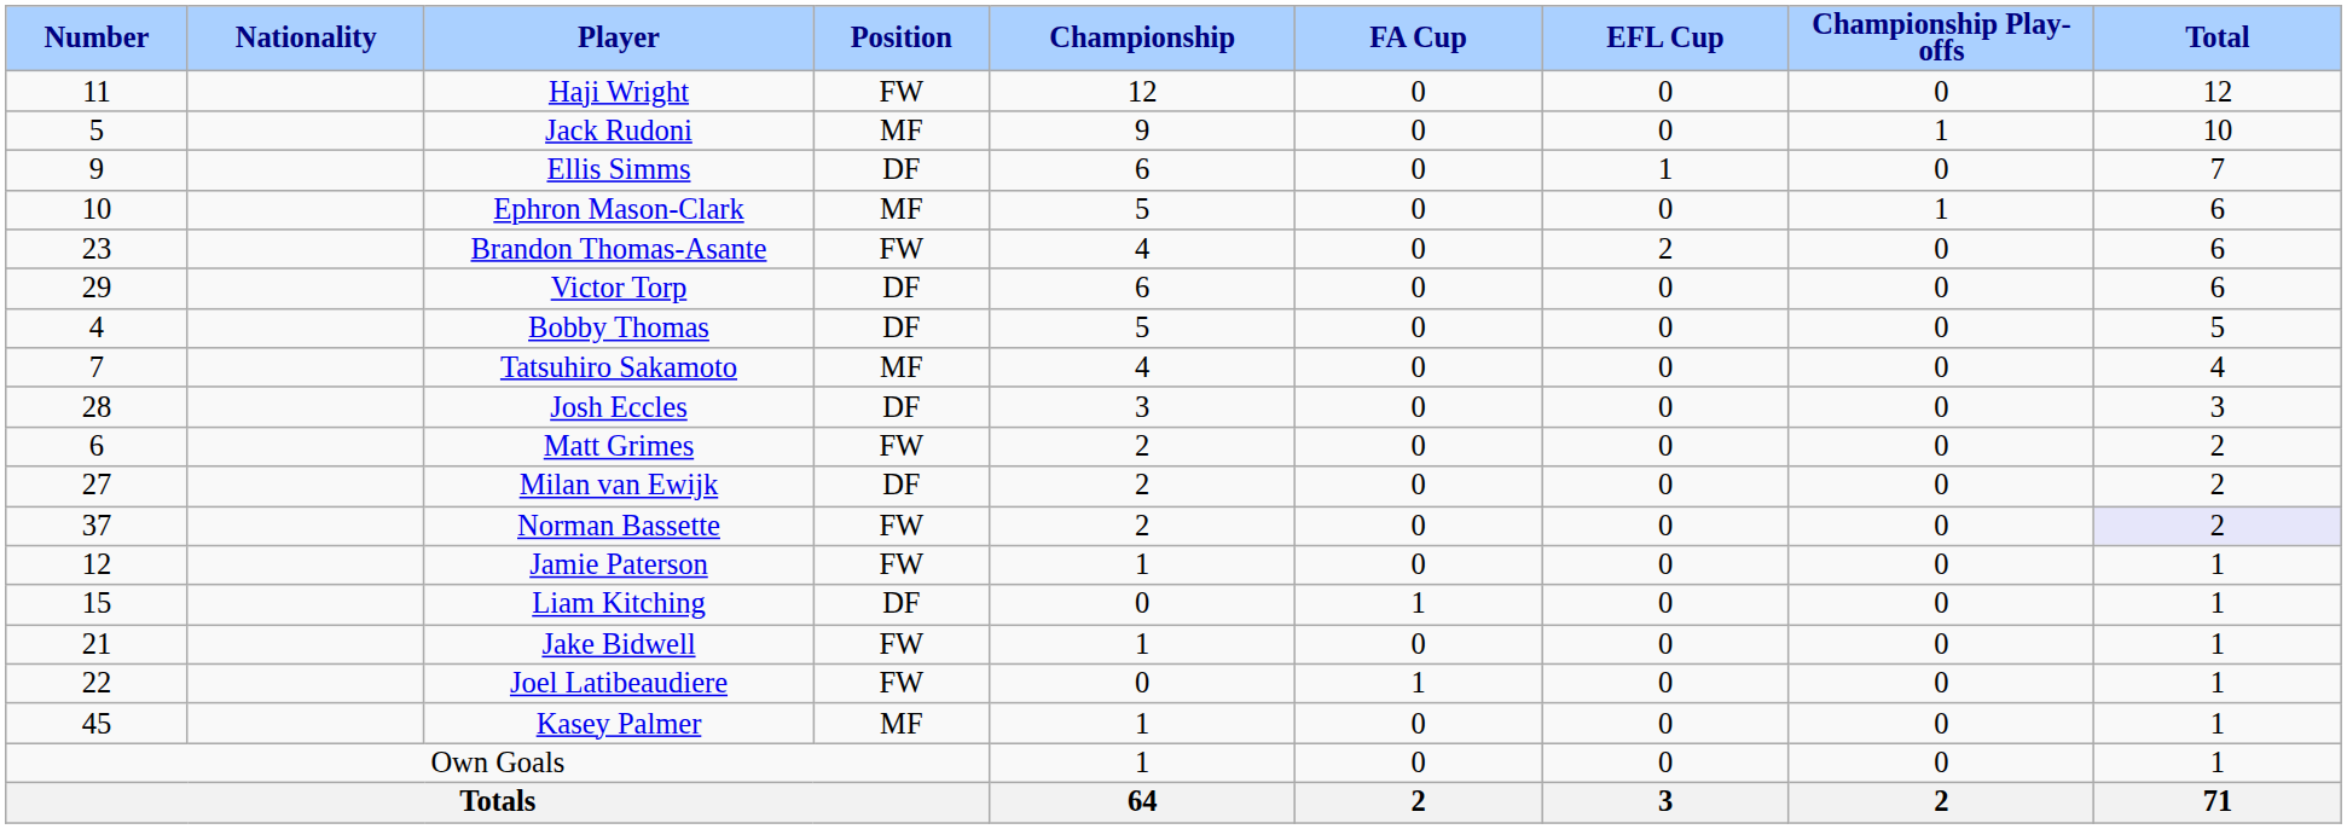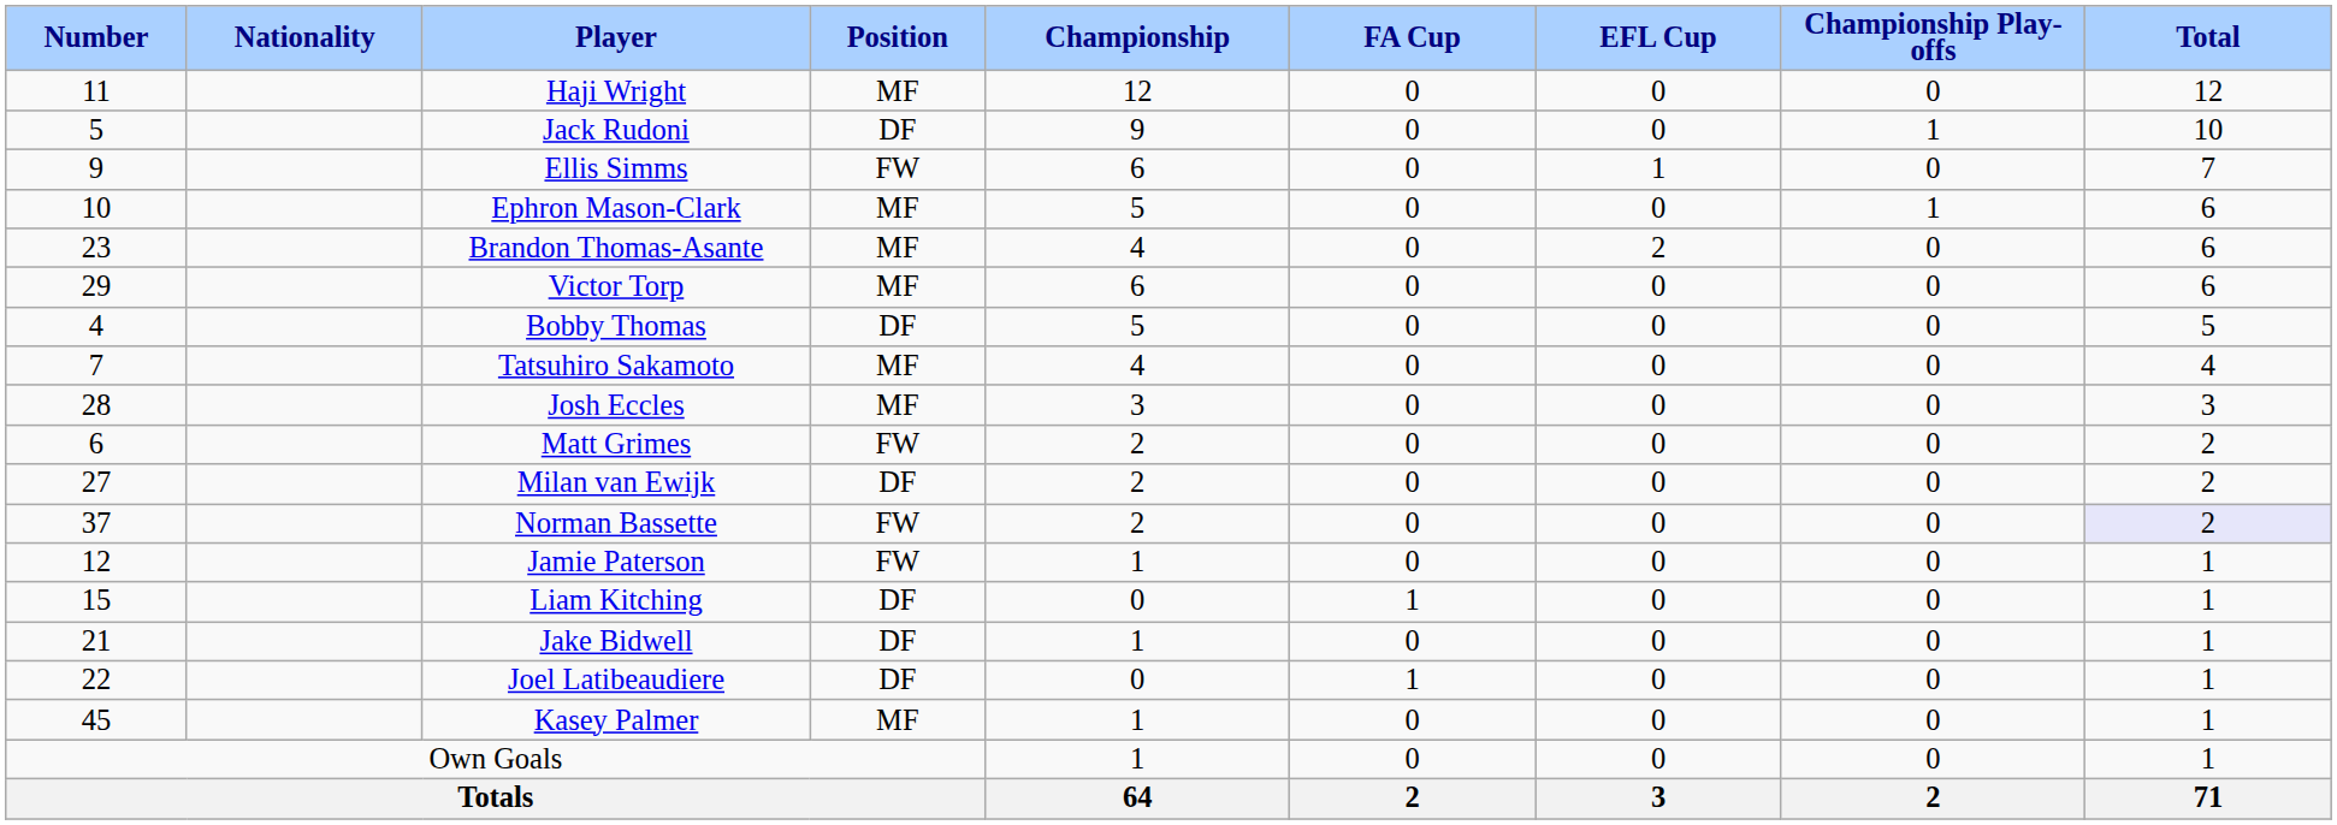 <table class="wikitable sortable alternance" style="font-size:100%; text-align:center; line-height:14px; width:100%;">
 <tr>
 <th style="background:#AAD0FF; color:#000080; width:50px;">Number</th>
 <th style="background:#AAD0FF; color:#000080; width:50px;">Nationality</th>
 <th style="background:#AAD0FF; color:#000080; width:130px;">Player</th>
 <th style="background:#AAD0FF; color:#000080; width:50px;">Position</th>
 <th style="background:#AAD0FF; color:#000080; width:80px;">Championship</th>
 <th style="background:#AAD0FF; color:#000080; width:80px;">FA Cup</th>
 <th style="background:#AAD0FF; color:#000080; width:80px;">EFL Cup</th>
 <th style="background:#AAD0FF; color:#000080; width:100px;">Championship Play-offs</th>
 <th style="background:#AAD0FF; color:#000080; width:80px;">Total</th>
 </tr>
 <tr>
 <td>11</td>
 <td></td>
 <td><a href='#'>Haji Wright</a></td>
-<td>FW</td>
+<td>MF</td>
 <td>12</td>
 <td>0</td>
 <td>0</td>
 <td>0</td>
 <td>12</td>
 </tr>
 <tr>
 <td>5</td>
 <td></td>
 <td><a href='#'>Jack Rudoni</a></td>
-<td>MF</td>
+<td>DF</td>
 <td>9</td>
 <td>0</td>
 <td>0</td>
 <td>1</td>
 <td>10</td>
 </tr>
 <tr>
 <td>9</td>
 <td></td>
 <td><a href='#'>Ellis Simms</a></td>
-<td>DF</td>
+<td>FW</td>
 <td>6</td>
 <td>0</td>
 <td>1</td>
 <td>0</td>
 <td>7</td>
 </tr>
 <tr>
 <td>10</td>
 <td></td>
 <td><a href='#'>Ephron Mason-Clark</a></td>
 <td>MF</td>
 <td>5</td>
 <td>0</td>
 <td>0</td>
 <td>1</td>
 <td>6</td>
 </tr>
 <tr>
 <td>23</td>
 <td></td>
 <td><a href='#'>Brandon Thomas-Asante</a></td>
-<td>FW</td>
+<td>MF</td>
 <td>4</td>
 <td>0</td>
 <td>2</td>
 <td>0</td>
 <td>6</td>
 </tr>
 <tr>
 <td>29</td>
 <td></td>
 <td><a href='#'>Victor Torp</a></td>
-<td>DF</td>
+<td>MF</td>
 <td>6</td>
 <td>0</td>
 <td>0</td>
 <td>0</td>
 <td>6</td>
 </tr>
 <tr>
 <td>4</td>
 <td></td>
 <td><a href='#'>Bobby Thomas</a></td>
 <td>DF</td>
 <td>5</td>
 <td>0</td>
 <td>0</td>
 <td>0</td>
 <td>5</td>
 </tr>
 <tr>
 <td>7</td>
 <td></td>
 <td><a href='#'>Tatsuhiro Sakamoto</a></td>
 <td>MF</td>
 <td>4</td>
 <td>0</td>
 <td>0</td>
 <td>0</td>
 <td>4</td>
 </tr>
 <tr>
 <td>28</td>
 <td></td>
 <td><a href='#'>Josh Eccles</a></td>
-<td>DF</td>
+<td>MF</td>
 <td>3</td>
 <td>0</td>
 <td>0</td>
 <td>0</td>
 <td>3</td>
 </tr>
 <tr>
 <td>6</td>
 <td></td>
 <td><a href='#'>Matt Grimes</a></td>
 <td>FW</td>
 <td>2</td>
 <td>0</td>
 <td>0</td>
 <td>0</td>
 <td>2</td>
 </tr>
 <tr>
 <td>27</td>
 <td></td>
 <td><a href='#'>Milan van Ewijk</a></td>
 <td>DF</td>
 <td>2</td>
 <td>0</td>
 <td>0</td>
 <td>0</td>
 <td>2</td>
 </tr>
 <tr>
 <td>37</td>
 <td></td>
 <td><a href='#'>Norman Bassette</a></td>
 <td>FW</td>
 <td>2</td>
 <td>0</td>
 <td>0</td>
 <td>0</td>
 <td style="background: lavender;">2</td>
 </tr>
 <tr>
 <td>12</td>
 <td></td>
 <td><a href='#'>Jamie Paterson</a></td>
 <td>FW</td>
 <td>1</td>
 <td>0</td>
 <td>0</td>
 <td>0</td>
 <td>1</td>
 </tr>
 <tr>
 <td>15</td>
 <td></td>
 <td><a href='#'>Liam Kitching</a></td>
 <td>DF</td>
 <td>0</td>
 <td>1</td>
 <td>0</td>
 <td>0</td>
 <td>1</td>
 </tr>
 <tr>
 <td>21</td>
 <td></td>
 <td><a href='#'>Jake Bidwell</a></td>
-<td>FW</td>
+<td>DF</td>
 <td>1</td>
 <td>0</td>
 <td>0</td>
 <td>0</td>
 <td>1</td>
 </tr>
 <tr>
 <td>22</td>
 <td></td>
 <td><a href='#'>Joel Latibeaudiere</a></td>
-<td>FW</td>
+<td>DF</td>
 <td>0</td>
 <td>1</td>
 <td>0</td>
 <td>0</td>
 <td>1</td>
 </tr>
 <tr>
 <td>45</td>
 <td></td>
 <td><a href='#'>Kasey Palmer</a></td>
 <td>MF</td>
 <td>1</td>
 <td>0</td>
 <td>0</td>
 <td>0</td>
 <td>1</td>
 </tr>
 <tr>
 <td colspan="4">Own Goals</td>
 <td>1</td>
 <td>0</td>
 <td>0</td>
 <td>0</td>
 <td>1</td>
 </tr>
 <tr class="sortbottom">
 <th colspan="4">Totals</th>
 <th>64</th>
 <th>2</th>
 <th>3</th>
 <th>2</th>
 <th>71</th>
 </tr>
 </table>
